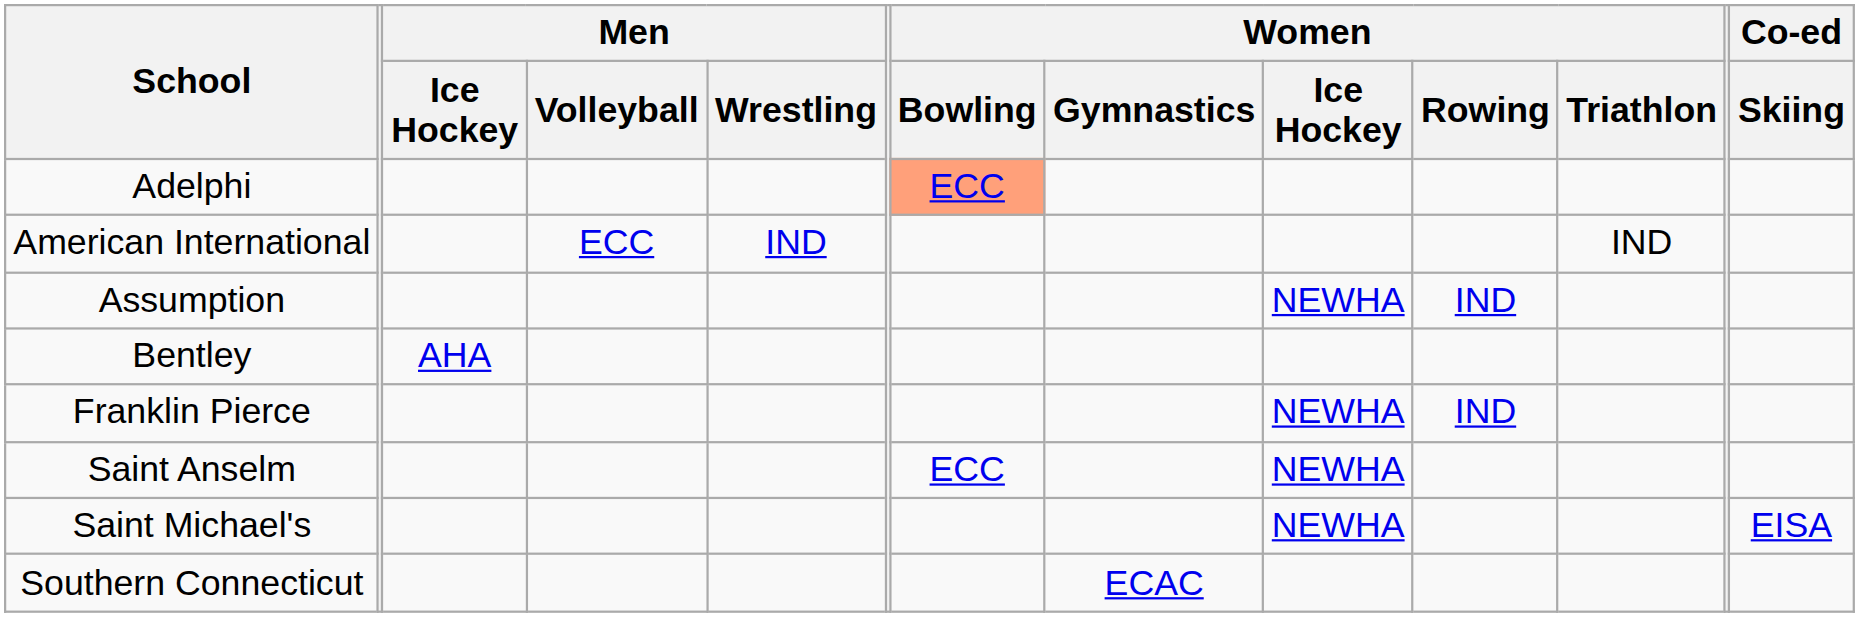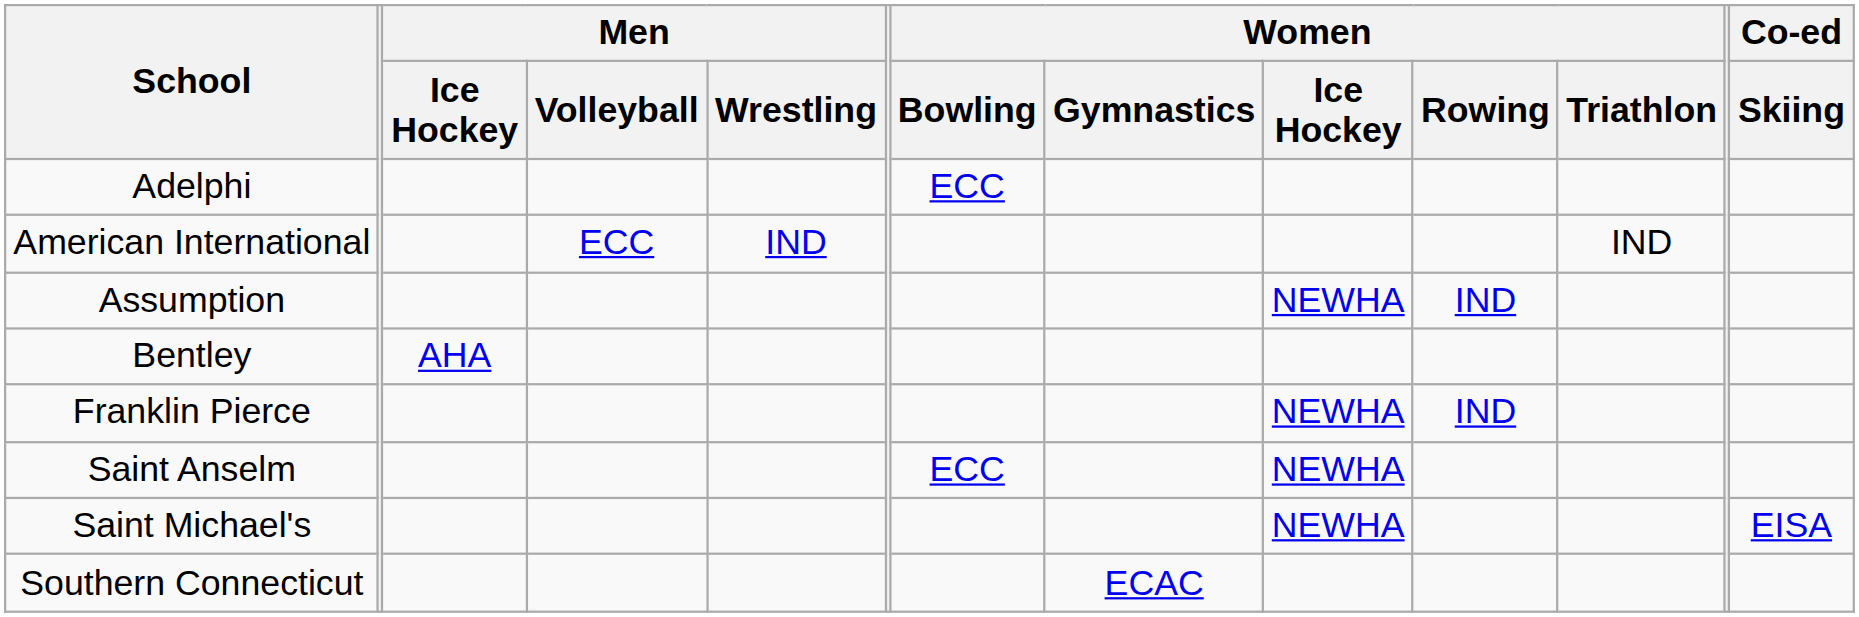 <table class="wikitable" style="text-align:center">
 <tr>
 <th rowspan=2>School</th>
 <th rowspan="11" width="1" style="padding:0"></th>
 <th colspan=3>Men</th>
 <th rowspan="11" width="1" style="padding:0"></th>
 <th colspan=5>Women</th>
 <th rowspan="11" width="1" style="padding:0"></th>
 <th>Co-ed</th>
 </tr>
 <tr>
 <th>Ice<br>Hockey</th>
 <th>Volleyball</th>
 <th>Wrestling</th>
 <th>Bowling</th>
 <th>Gymnastics</th>
 <th>Ice<br>Hockey</th>
 <th>Rowing</th>
 <th>Triathlon</th>
 <th>Skiing</th>
 </tr>
 <tr>
 <td>Adelphi</td>
 <td></td>
 <td></td>
 <td></td>
-<td style="background: lightsalmon;"><a href='#'>ECC</a></td>
+<td><a href='#'>ECC</a></td>
 <td></td>
 <td></td>
 <td></td>
 <td></td>
 <td></td>
 </tr>
 <tr>
 <td>American International</td>
 <td></td>
 <td><a href='#'>ECC</a></td>
 <td><a href='#'>IND</a></td>
 <td></td>
 <td></td>
 <td></td>
 <td></td>
 <td>IND</td>
 <td></td>
 </tr>
 <tr>
 <td>Assumption</td>
 <td></td>
 <td></td>
 <td></td>
 <td></td>
 <td></td>
 <td><a href='#'>NEWHA</a></td>
 <td><a href='#'>IND</a></td>
 <td></td>
 <td></td>
 </tr>
 <tr>
 <td>Bentley</td>
 <td><a href='#'>AHA</a></td>
 <td></td>
 <td></td>
 <td></td>
 <td></td>
 <td></td>
 <td></td>
 <td></td>
 <td></td>
 </tr>
 <tr>
 <td>Franklin Pierce</td>
 <td></td>
 <td></td>
 <td></td>
 <td></td>
 <td></td>
 <td><a href='#'>NEWHA</a></td>
 <td><a href='#'>IND</a></td>
 <td></td>
 <td></td>
 </tr>
 <tr>
 <td>Saint Anselm</td>
 <td></td>
 <td></td>
 <td></td>
 <td><a href='#'>ECC</a></td>
 <td></td>
 <td><a href='#'>NEWHA</a></td>
 <td></td>
 <td></td>
 <td></td>
 </tr>
 <tr>
 <td>Saint Michael's</td>
 <td></td>
 <td></td>
 <td></td>
 <td></td>
 <td></td>
 <td><a href='#'>NEWHA</a></td>
 <td></td>
 <td></td>
 <td><a href='#'>EISA</a></td>
 </tr>
 <tr>
 <td>Southern Connecticut</td>
 <td></td>
 <td></td>
 <td></td>
 <td></td>
 <td><a href='#'>ECAC</a></td>
 <td></td>
 <td></td>
 <td></td>
 <td></td>
 </tr>
 </table>
